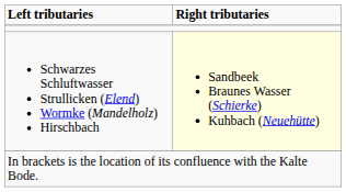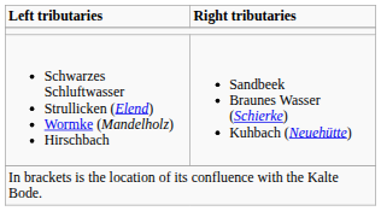 <table class="wikitable">
 <tr>
 <td width = "200"><strong>Left tributaries</strong></td>
 <td width = "200"><strong>Right tributaries</strong></td>
 </tr>
 <tr>
 </tr>
 <tr>
 <td colspan=2></td>
 </tr>
 <tr>
 <td><br><ul><li>Schwarzes Schluftwasser</li><li>Strullicken (<em><a href='#'>Elend</a></em>)</li><li><a href='#'>Wormke</a> (<em>Mandelholz</em>)</li><li>Hirschbach</li></ul></td>
-<td style="background: lightyellow;"><br><ul><li>Sandbeek</li><li>Braunes Wasser (<em><a href='#'>Schierke</a></em>)</li><li>Kuhbach (<em><a href='#'>Neuehütte</a></em>)</li></ul></td>
+<td><br><ul><li>Sandbeek</li><li>Braunes Wasser (<em><a href='#'>Schierke</a></em>)</li><li>Kuhbach (<em><a href='#'>Neuehütte</a></em>)</li></ul></td>
 </tr>
 <tr>
 </tr>
 <tr>
 <td colspan="2">In brackets is the location of its confluence with the Kalte Bode.</td>
 </tr>
 </table>
